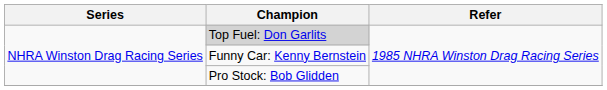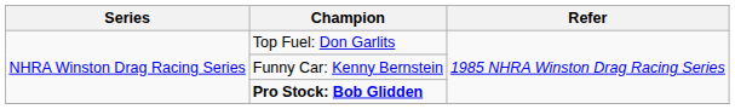 <table class="wikitable" style="font-size:87%;">
 <tr>
 <th>Series</th>
 <th>Champion</th>
 <th>Refer</th>
 </tr>
 <tr>
 <td rowspan=3><a href='#'>NHRA Winston Drag Racing Series</a></td>
-<td style="background: lightgrey;">Top Fuel:  <a href='#'>Don Garlits</a></td>
+<td>Top Fuel:  <a href='#'>Don Garlits</a></td>
 <td rowspan=3><em><a href='#'>1985 NHRA Winston Drag Racing Series</a></em></td>
 </tr>
 <tr>
 <td>Funny Car:  <a href='#'>Kenny Bernstein</a></td>
 </tr>
 <tr>
-<td>Pro Stock:  <a href='#'>Bob Glidden</a></td>
+<td><strong>Pro Stock:  <a href='#'>Bob Glidden</a></strong></td>
 </tr>
 <tr>
 </tr>
 </table>
